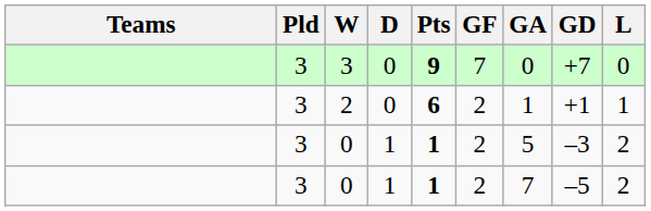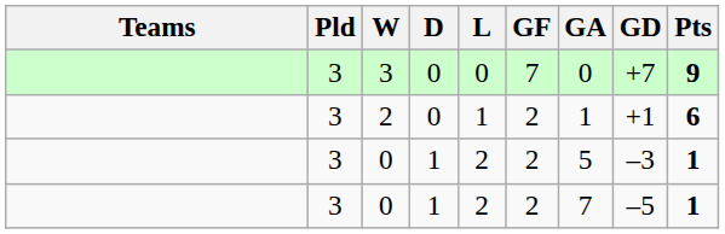 <table class="wikitable" style="text-align: center;">
 <tr>
 <th width=165>Teams</th>
 <th width=20>Pld</th>
 <th width=20>W</th>
 <th width=20>D</th>
-<th width=20>Pts</th>
+<th width=20>L</th>
 <th width=20>GF</th>
 <th width=20>GA</th>
 <th width=20>GD</th>
-<th width=20>L</th>
+<th width=20>Pts</th>
 </tr>
 <tr align=center style="background:#ccffcc;">
 <td style="text-align:left;"></td>
 <td>3</td>
 <td>3</td>
 <td>0</td>
-<td><strong>9</strong></td>
+<td>0</td>
 <td>7</td>
 <td>0</td>
 <td>+7</td>
-<td>0</td>
+<td><strong>9</strong></td>
 </tr>
 <tr align=center>
 <td style="text-align:left;"></td>
 <td>3</td>
 <td>2</td>
 <td>0</td>
-<td><strong>6</strong></td>
+<td>1</td>
 <td>2</td>
 <td>1</td>
 <td>+1</td>
-<td>1</td>
+<td><strong>6</strong></td>
 </tr>
 <tr align=center>
 <td style="text-align:left;"></td>
 <td>3</td>
 <td>0</td>
 <td>1</td>
-<td><strong>1</strong></td>
+<td>2</td>
 <td>2</td>
 <td>5</td>
 <td>–3</td>
-<td>2</td>
+<td><strong>1</strong></td>
 </tr>
 <tr align=center>
 <td style="text-align:left;"></td>
 <td>3</td>
 <td>0</td>
 <td>1</td>
-<td><strong>1</strong></td>
+<td>2</td>
 <td>2</td>
 <td>7</td>
 <td>–5</td>
-<td>2</td>
+<td><strong>1</strong></td>
 </tr>
 </table>
